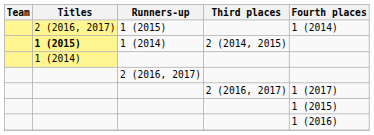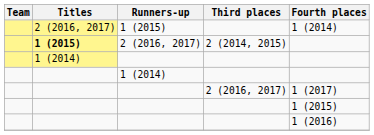 <table class=wikitable>
 <tr>
 <th>Team</th>
 <th>Titles</th>
 <th>Runners-up</th>
 <th>Third places</th>
 <th>Fourth places</th>
 </tr>
 <tr>
 <td style=background:#FFF68F></td>
 <td style=background:#FFF68F>2 (2016, 2017)</td>
 <td>1 (2015)</td>
 <td></td>
 <td>1 (2014)</td>
 </tr>
 <tr>
 <td style=background:#FFF68F></td>
 <td style=background:#FFF68F><strong>1 (2015)</strong></td>
-<td>1 (2014)</td>
+<td>2 (2016, 2017)</td>
 <td>2 (2014, 2015)</td>
 <td></td>
 </tr>
 <tr>
 <td style=background:#FFF68F></td>
 <td style=background:#FFF68F>1 (2014)</td>
 <td></td>
 <td></td>
 <td></td>
 </tr>
 <tr>
 <td></td>
 <td></td>
-<td>2 (2016, 2017)</td>
+<td>1 (2014)</td>
 <td></td>
 <td></td>
 </tr>
 <tr>
 <td></td>
 <td></td>
 <td></td>
 <td>2 (2016, 2017)</td>
 <td>1 (2017)</td>
 </tr>
 <tr>
 <td></td>
 <td></td>
 <td></td>
 <td></td>
 <td>1 (2015)</td>
 </tr>
 <tr>
 <td></td>
 <td></td>
 <td></td>
 <td></td>
 <td>1 (2016)</td>
 </tr>
 <tr>
 </tr>
 </table>
